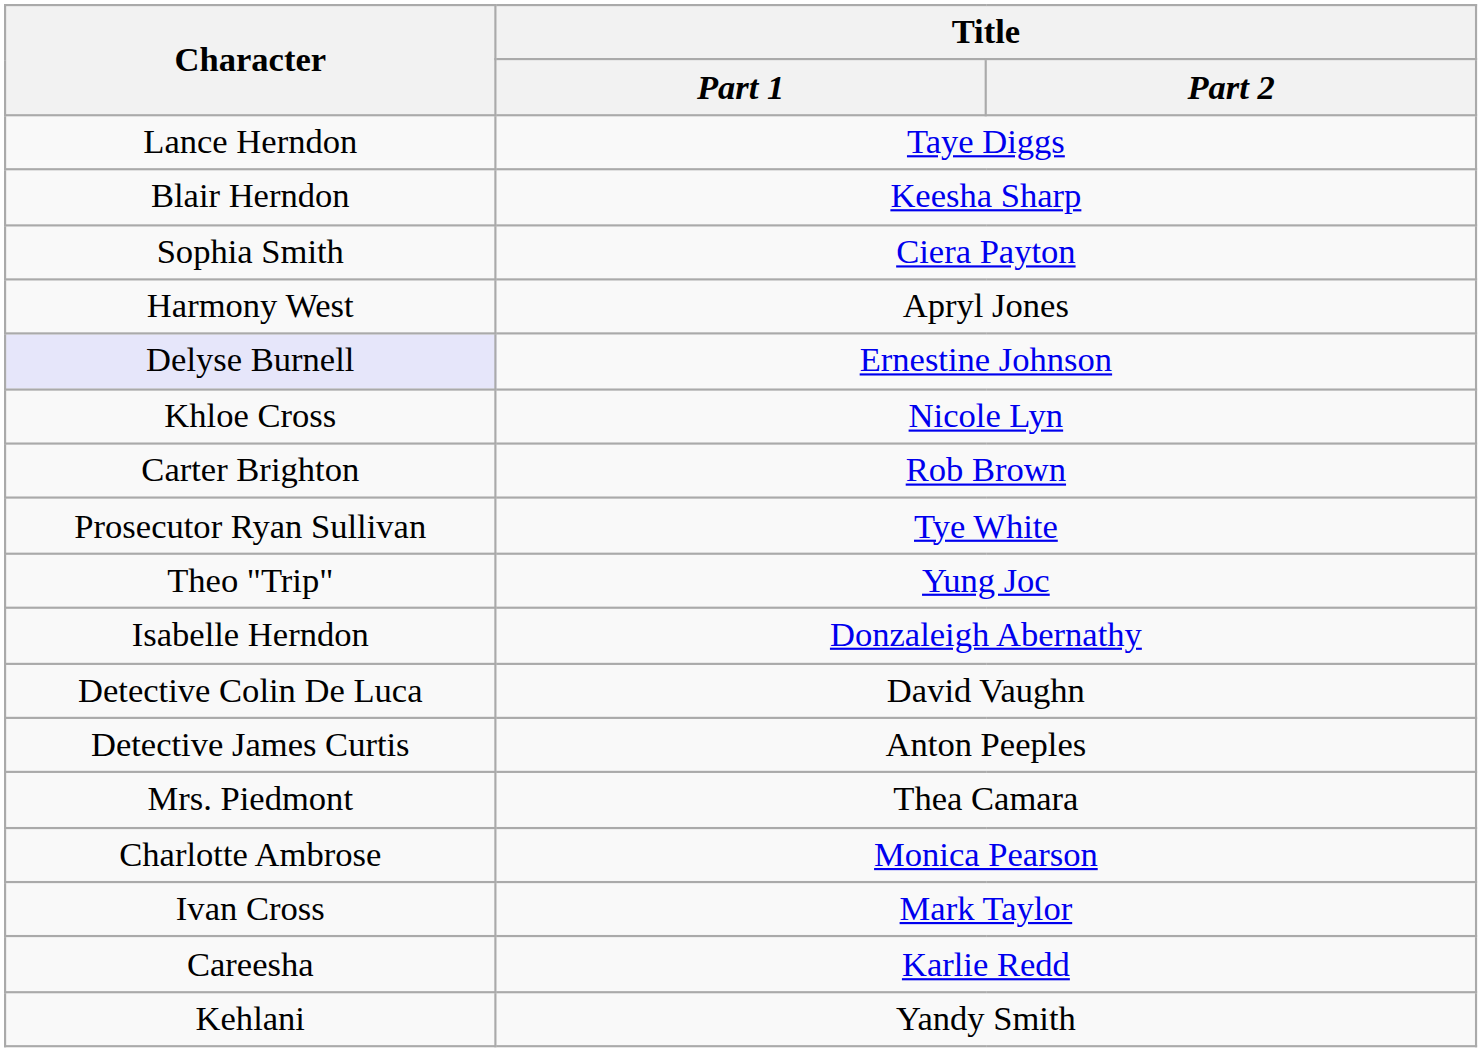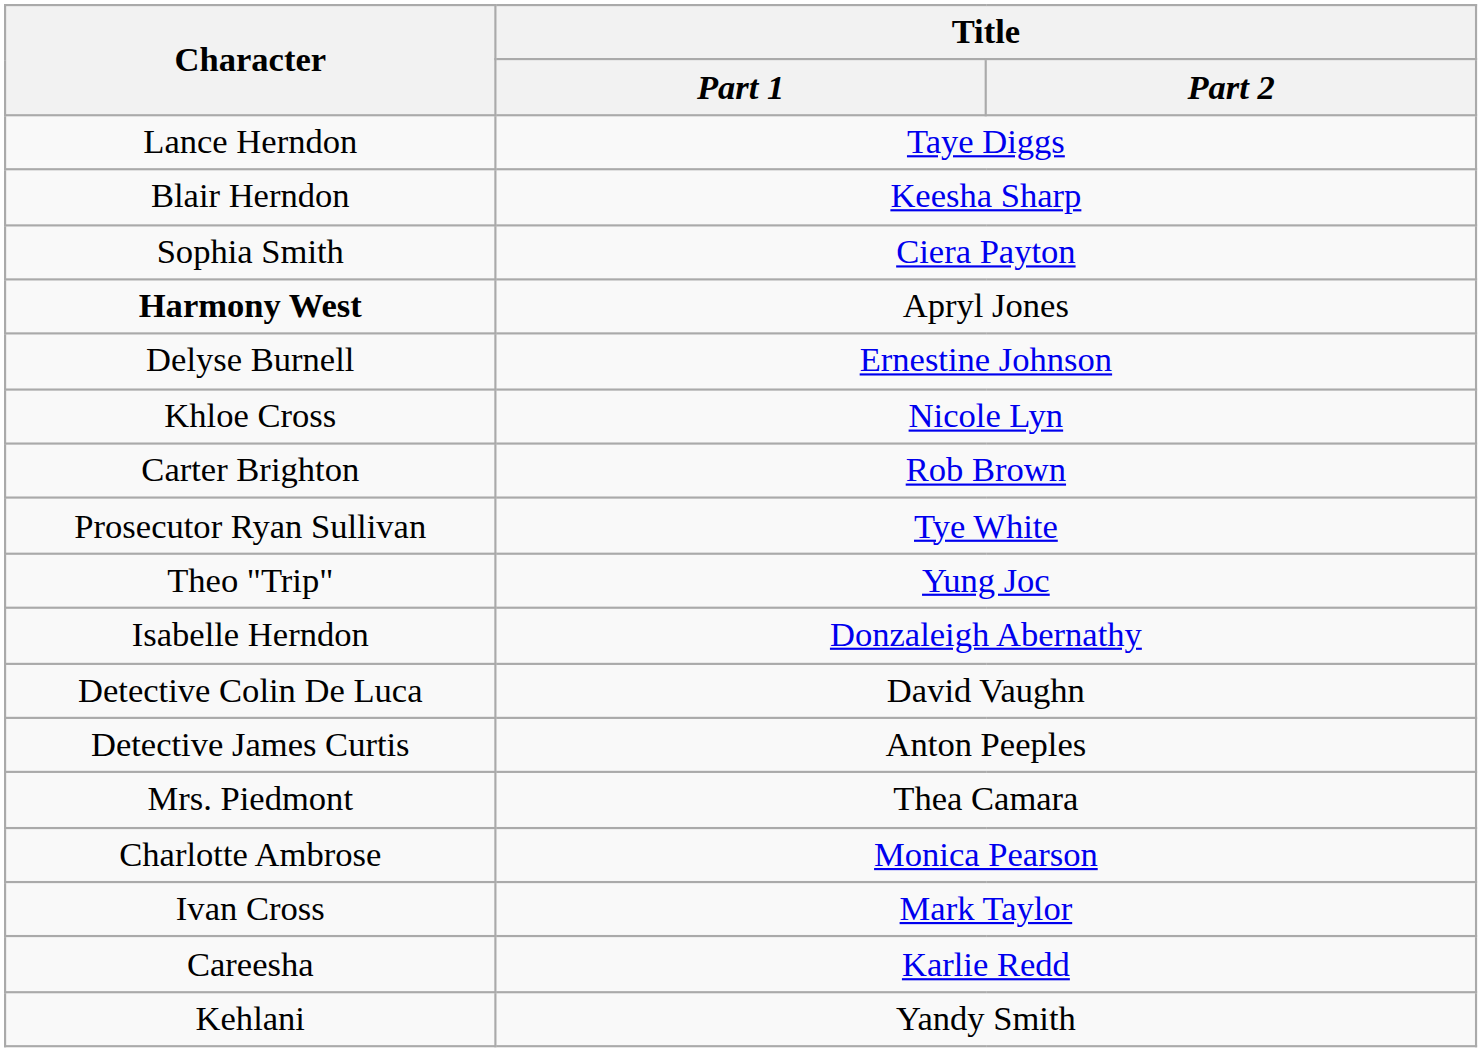 <table class="wikitable" style="text-align:center;">
 <tr>
 <th rowspan="2" style="width:25%;">Character</th>
 <th colspan="2">Title</th>
 </tr>
 <tr>
 <th style="width:25%;"><em>Part 1</em></th>
 <th style="width:25%;"><em>Part 2</em></th>
 </tr>
 <tr>
 <td>Lance Herndon</td>
 <td colspan="2"><a href='#'>Taye Diggs</a></td>
 </tr>
 <tr>
 <td>Blair Herndon</td>
 <td colspan="2"><a href='#'>Keesha Sharp</a></td>
 </tr>
 <tr>
 <td>Sophia Smith</td>
 <td colspan="2"><a href='#'>Ciera Payton</a></td>
 </tr>
 <tr>
-<td>Harmony West</td>
+<td><strong>Harmony West</strong></td>
 <td colspan="2">Apryl Jones</td>
 </tr>
 <tr>
-<td style="background: lavender;">Delyse Burnell</td>
+<td>Delyse Burnell</td>
 <td colspan="2"><a href='#'>Ernestine Johnson</a></td>
 </tr>
 <tr>
 <td>Khloe Cross</td>
 <td colspan="2"><a href='#'>Nicole Lyn</a></td>
 </tr>
 <tr>
 <td>Carter Brighton</td>
 <td colspan="2"><a href='#'>Rob Brown</a></td>
 </tr>
 <tr>
 <td>Prosecutor Ryan Sullivan</td>
 <td colspan="2"><a href='#'>Tye White</a></td>
 </tr>
 <tr>
 <td>Theo "Trip"</td>
 <td colspan="2"><a href='#'>Yung Joc</a></td>
 </tr>
 <tr>
 <td>Isabelle Herndon</td>
 <td colspan="2"><a href='#'>Donzaleigh Abernathy</a></td>
 </tr>
 <tr>
 <td>Detective Colin De Luca</td>
 <td colspan="2">David Vaughn</td>
 </tr>
 <tr>
 <td>Detective James Curtis</td>
 <td colspan="2">Anton Peeples</td>
 </tr>
 <tr>
 <td>Mrs. Piedmont</td>
 <td colspan="2">Thea Camara</td>
 </tr>
 <tr>
 <td>Charlotte Ambrose</td>
 <td colspan="2"><a href='#'>Monica Pearson</a></td>
 </tr>
 <tr>
 <td>Ivan Cross</td>
 <td colspan="2"><a href='#'>Mark Taylor</a></td>
 </tr>
 <tr>
 <td>Careesha</td>
 <td colspan="2"><a href='#'>Karlie Redd</a></td>
 </tr>
 <tr>
 <td>Kehlani</td>
 <td colspan="2">Yandy Smith</td>
 </tr>
 </table>
